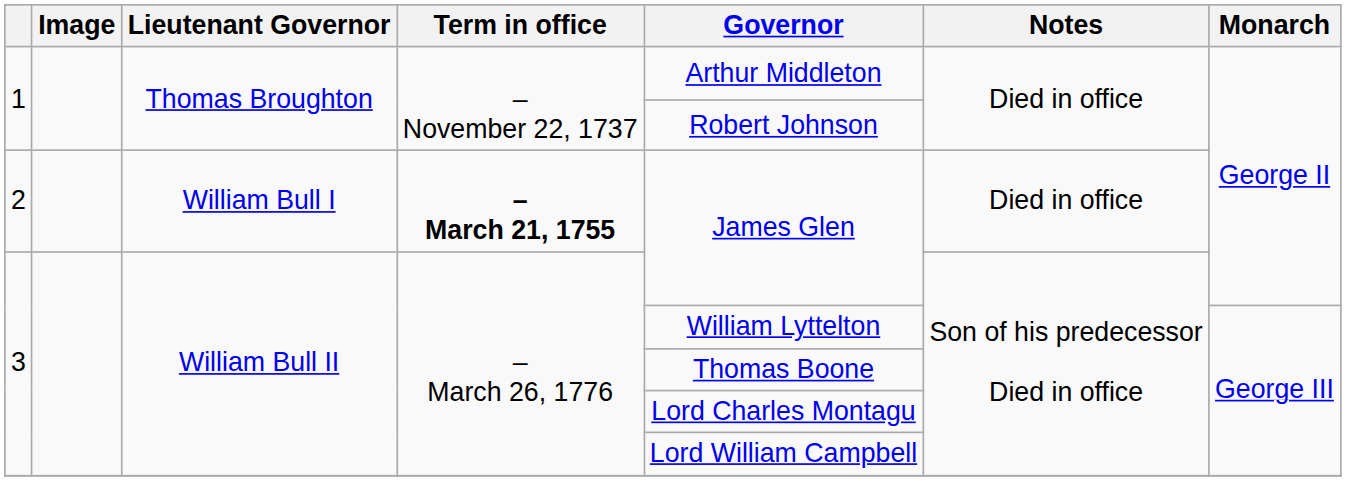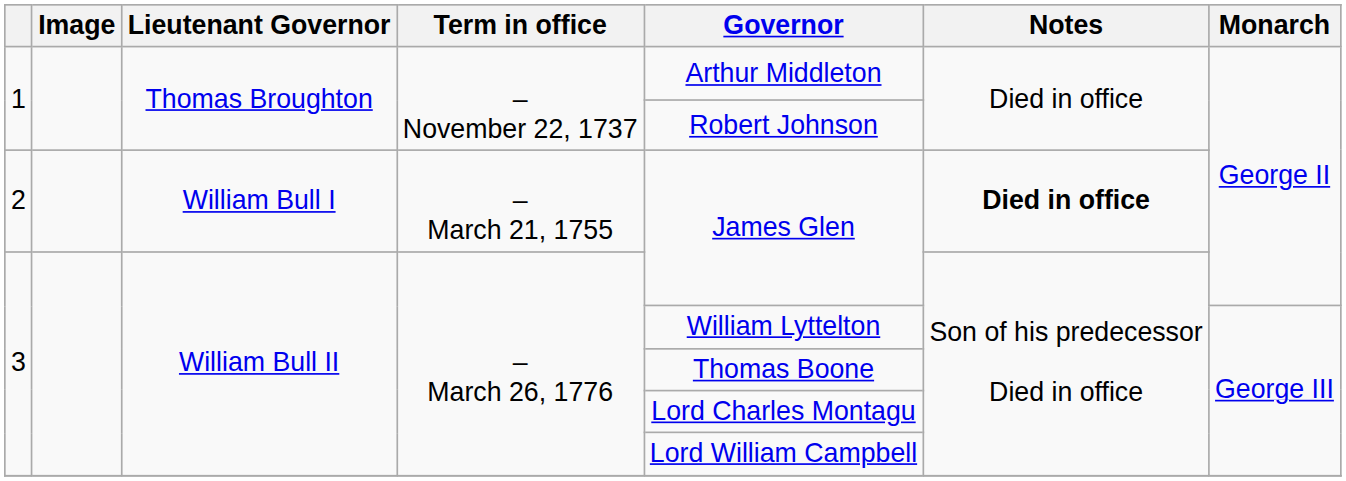 <table class="wikitable sortable" style="text-align: center;">
 <tr>
 <th scope="col" data-sort-type="number"></th>
 <th scope="col">Image</th>
 <th scope="col">Lieutenant Governor</th>
 <th scope="col">Term in office</th>
 <th scope="col"><a href='#'>Governor</a></th>
 <th scope="col">Notes</th>
 <th scope="col">Monarch</th>
 </tr>
 <tr style="height:2em;">
 <td rowspan=2>1</td>
 <td rowspan=2></td>
 <td rowspan=2><a href='#'>Thomas Broughton</a></td>
 <td rowspan=2><br>–<br>November 22, 1737</td>
 <td><a href='#'>Arthur Middleton</a><br></td>
 <td rowspan=2>Died in office</td>
 <td rowspan=4><a href='#'>George II</a></td>
 </tr>
 <tr>
 <td><a href='#'>Robert Johnson</a></td>
 </tr>
 <tr>
 <td>2</td>
 <td></td>
 <td><a href='#'>William Bull I</a></td>
-<td><strong><br>–<br>March 21, 1755</strong></td>
+<td><br>–<br>March 21, 1755</td>
 <td rowspan=2><a href='#'>James Glen</a></td>
-<td>Died in office</td>
+<td><strong>Died in office</strong></td>
 </tr>
 <tr style="height:2em;">
 <td rowspan=5>3</td>
 <td rowspan=5></td>
 <td rowspan=5><a href='#'>William Bull II</a></td>
 <td rowspan=5><br>–<br>March 26, 1776</td>
 <td rowspan=5>Son of his predecessor<br><br>Died in office</td>
 </tr>
 <tr>
 <td><a href='#'>William Lyttelton</a></td>
 <td rowspan=4><a href='#'>George III</a></td>
 </tr>
 <tr>
 <td><a href='#'>Thomas Boone</a></td>
 </tr>
 <tr>
 <td><a href='#'>Lord Charles Montagu</a></td>
 </tr>
 <tr>
 <td><a href='#'>Lord William Campbell</a></td>
 </tr>
 <tr>
 </tr>
 </table>
